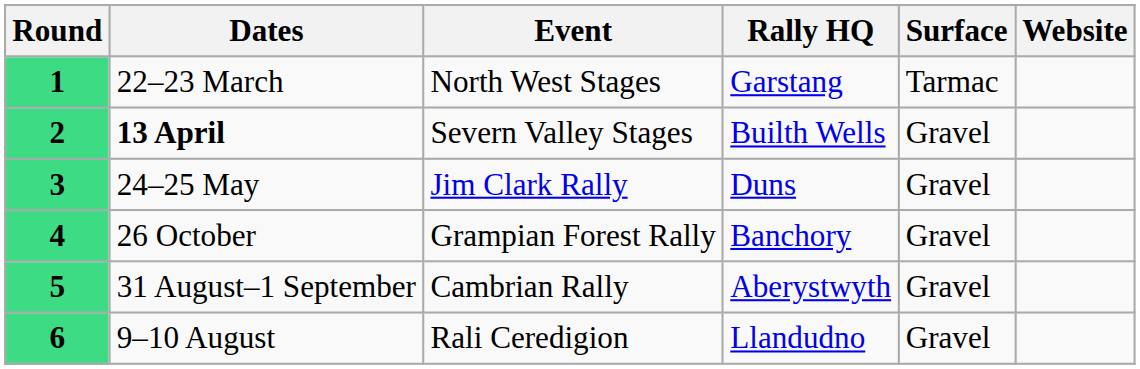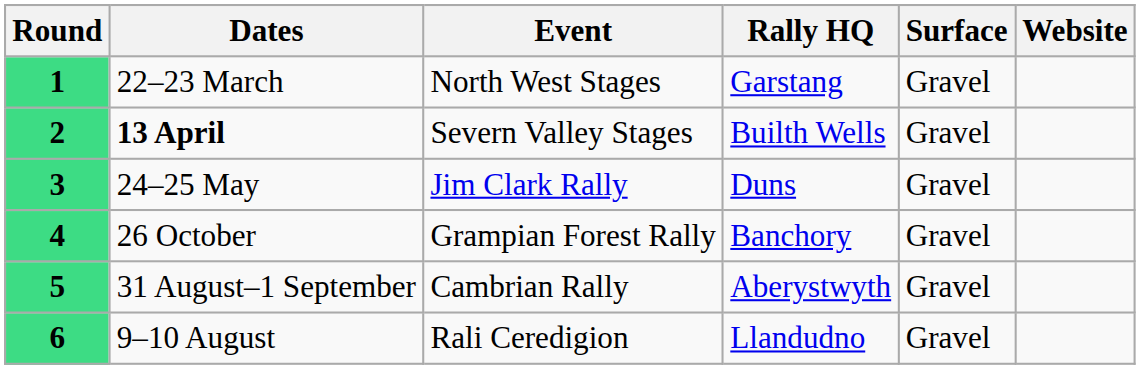 <table class="wikitable" style="font-size: 95%;">
 <tr>
 <th>Round</th>
 <th>Dates</th>
 <th>Event</th>
 <th>Rally HQ</th>
 <th>Surface</th>
 <th>Website</th>
 </tr>
 <tr>
 <th style="background:#3DDC84">1</th>
 <td>22–23 March</td>
 <td> North West Stages</td>
 <td><a href='#'>Garstang</a></td>
-<td>Tarmac</td>
+<td>Gravel</td>
 <td></td>
 </tr>
 <tr>
 <th style="background:#3DDC84">2</th>
 <td><strong>13 April</strong></td>
 <td> Severn Valley Stages</td>
 <td><a href='#'>Builth Wells</a></td>
 <td>Gravel</td>
 <td></td>
 </tr>
 <tr>
 <th style="background:#3DDC84">3</th>
 <td>24–25 May</td>
 <td> <a href='#'>Jim Clark Rally</a></td>
 <td><a href='#'>Duns</a></td>
 <td>Gravel</td>
 <td></td>
 </tr>
 <tr>
 <th style="background:#3DDC84">4</th>
 <td>26 October</td>
 <td> Grampian Forest Rally</td>
 <td><a href='#'>Banchory</a></td>
 <td>Gravel</td>
 <td></td>
 </tr>
 <tr>
 <th style="background:#3DDC84">5</th>
 <td>31 August–1 September</td>
 <td> Cambrian Rally</td>
 <td><a href='#'>Aberystwyth</a></td>
 <td>Gravel</td>
 <td></td>
 </tr>
 <tr>
 <th style="background:#3DDC84">6</th>
 <td>9–10 August</td>
 <td>  Rali Ceredigion</td>
 <td><a href='#'>Llandudno</a></td>
 <td>Gravel</td>
 <td></td>
 </tr>
 </table>
